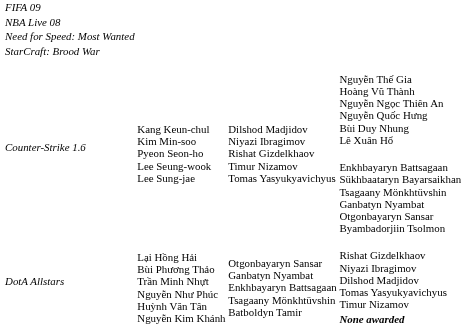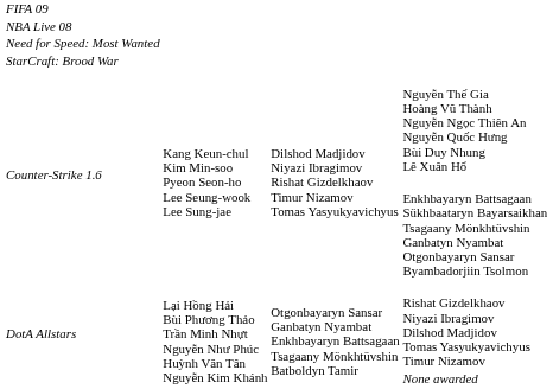 <table>
 <tr>
 <td rowspan=2><em>FIFA 09</em></td>
 <td rowspan=2></td>
 <td rowspan=2></td>
 <td></td>
 </tr>
 <tr>
 <td></td>
 </tr>
 <tr>
 <td rowspan=2><em>NBA Live 08</em></td>
 <td rowspan=2></td>
 <td rowspan=2></td>
 <td></td>
 </tr>
 <tr>
 <td></td>
 </tr>
 <tr>
 <td rowspan=2><em>Need for Speed: Most Wanted</em></td>
 <td rowspan=2></td>
 <td rowspan=2></td>
 <td></td>
 </tr>
 <tr>
 <td></td>
 </tr>
 <tr>
 <td rowspan=2><em>StarCraft: Brood War</em></td>
 <td rowspan=2></td>
 <td rowspan=2></td>
 <td></td>
 </tr>
 <tr>
 <td></td>
 </tr>
 <tr>
 <td rowspan=2><em>Counter-Strike 1.6</em></td>
 <td rowspan=2><br>Kang Keun-chul<br>Kim Min-soo<br>Pyeon Seon-ho<br>Lee Seung-wook<br>Lee Sung-jae</td>
 <td rowspan=2><br>Dilshod Madjidov<br>Niyazi Ibragimov<br>Rishat Gizdelkhaov<br>Timur Nizamov<br>Tomas Yasyukyavichyus</td>
 <td><br>Nguyễn Thế Gia<br>Hoàng Vũ Thành<br>Nguyễn Ngọc Thiên An<br>Nguyễn Quốc Hưng<br>Bùi Duy Nhung<br>Lê Xuân Hổ</td>
 </tr>
 <tr>
 <td><br>Enkhbayaryn Battsagaan<br>Sükhbaataryn Bayarsaikhan<br>Tsagaany Mönkhtüvshin<br>Ganbatyn Nyambat<br>Otgonbayaryn Sansar<br>Byambadorjiin Tsolmon</td>
 </tr>
 <tr>
 <td rowspan=2><em>DotA Allstars</em></td>
 <td rowspan=2><br>Lại Hồng Hải<br>Bùi Phương Thảo<br>Trần Minh Nhựt<br>Nguyễn Như Phúc<br>Huỳnh Văn Tân<br>Nguyễn Kim Khánh</td>
 <td rowspan=2><br>Otgonbayaryn Sansar<br>Ganbatyn Nyambat<br>Enkhbayaryn Battsagaan<br>Tsagaany Mönkhtüvshin<br>Batboldyn Tamir</td>
 <td><br>Rishat Gizdelkhaov<br>Niyazi Ibragimov<br>Dilshod Madjidov<br>Tomas Yasyukyavichyus<br>Timur Nizamov</td>
 </tr>
 <tr>
-<td><strong><em>None awarded</em></strong></td>
+<td><em>None awarded</em></td>
 </tr>
 </table>
